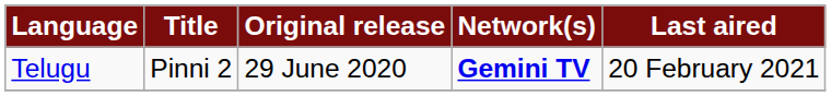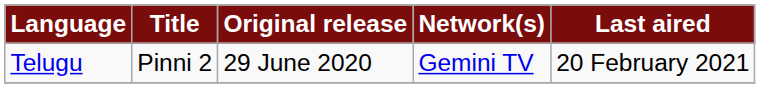 <table class="wikitable sortable" style="margin-right: 0;">
 <tr style="color:white">
 <th style="background:#7b0c0c; ">Language</th>
 <th style="background:#7b0c0c; ">Title</th>
 <th style="background:#7b0c0c; ">Original release</th>
 <th style="background:#7b0c0c; ">Network(s)</th>
 <th style="background:#7b0c0c; ">Last aired</th>
 </tr>
 <tr>
 <td><a href='#'>Telugu</a></td>
 <td>Pinni 2</td>
 <td>29 June 2020</td>
-<td><strong><a href='#'>Gemini TV</a></strong></td>
+<td><a href='#'>Gemini TV</a></td>
 <td>20 February 2021</td>
 </tr>
 <tr>
 </tr>
 </table>
